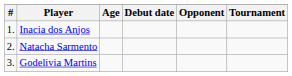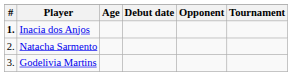 <table class="wikitable">
 <tr>
 </tr>
 <tr>
 <th>#</th>
 <th>Player</th>
 <th>Age</th>
 <th>Debut date</th>
 <th>Opponent</th>
 <th>Tournament</th>
 </tr>
 <tr>
-<td>1.</td>
+<td><strong>1.</strong></td>
 <td><a href='#'>Inacia dos Anjos</a></td>
 <td></td>
 <td></td>
 <td></td>
 <td></td>
 </tr>
 <tr>
 <td>2.</td>
 <td><a href='#'>Natacha Sarmento</a></td>
 <td></td>
 <td></td>
 <td></td>
 <td></td>
 </tr>
 <tr>
 <td>3.</td>
 <td><a href='#'>Godelivia Martins</a></td>
 <td></td>
 <td></td>
 <td></td>
 <td></td>
 </tr>
 </table>
